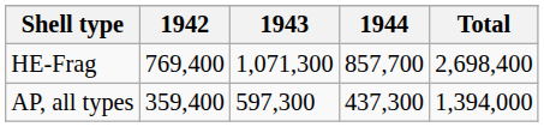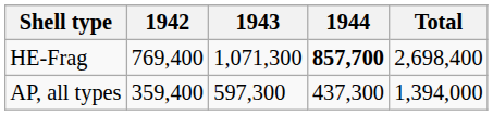 <table class="wikitable">
 <tr>
 </tr>
 <tr>
 <th>Shell type</th>
 <th>1942</th>
 <th>1943</th>
 <th>1944</th>
 <th>Total</th>
 </tr>
 <tr>
 <td>HE-Frag</td>
 <td>769,400</td>
 <td>1,071,300</td>
-<td>857,700</td>
+<td><strong>857,700</strong></td>
 <td>2,698,400</td>
 </tr>
 <tr>
 <td>AP, all types</td>
 <td>359,400</td>
 <td>597,300</td>
 <td>437,300</td>
 <td>1,394,000</td>
 </tr>
 </table>
